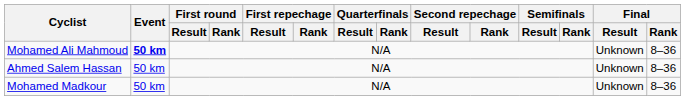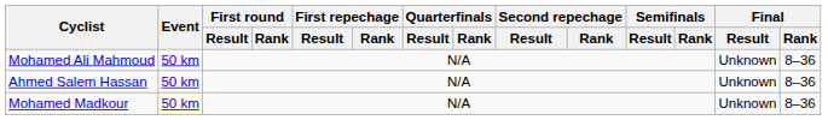 <table class=wikitable style="font-size:90%">
 <tr>
 <th rowspan=2>Cyclist</th>
 <th rowspan=2>Event</th>
 <th colspan=2>First round</th>
 <th colspan=2>First repechage</th>
 <th colspan=2>Quarterfinals</th>
 <th colspan=2>Second repechage</th>
 <th colspan=2>Semifinals</th>
 <th colspan=2>Final</th>
 </tr>
 <tr>
 <th>Result</th>
 <th>Rank</th>
 <th>Result</th>
 <th>Rank</th>
 <th>Result</th>
 <th>Rank</th>
 <th>Result</th>
 <th>Rank</th>
 <th>Result</th>
 <th>Rank</th>
 <th>Result</th>
 <th>Rank</th>
 </tr>
 <tr>
 <td><a href='#'>Mohamed Ali Mahmoud</a></td>
-<td><strong><a href='#'>50 km</a></strong></td>
+<td><a href='#'>50 km</a></td>
 <td align=center colspan=10>N/A</td>
 <td align=center>Unknown</td>
 <td align=center>8–36</td>
 </tr>
 <tr>
 <td><a href='#'>Ahmed Salem Hassan</a></td>
 <td><a href='#'>50 km</a></td>
 <td align=center colspan=10>N/A</td>
 <td align=center>Unknown</td>
 <td align=center>8–36</td>
 </tr>
 <tr>
 <td><a href='#'>Mohamed Madkour</a></td>
-<td><a href='#'>50 km</a></td>
+<td style="background: lightyellow;"><a href='#'>50 km</a></td>
 <td align=center colspan=10>N/A</td>
 <td align=center>Unknown</td>
 <td align=center>8–36</td>
 </tr>
 </table>
